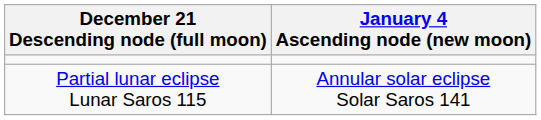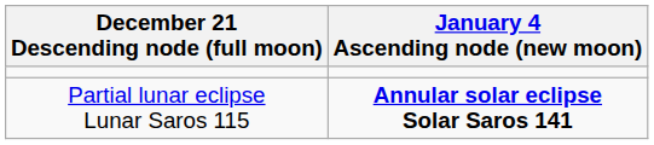 <table class="wikitable">
 <tr>
 <th>December 21<br>Descending node (full moon)<br></th>
 <th><a href='#'>January 4</a><br>Ascending node (new moon)<br></th>
 </tr>
 <tr>
 <td></td>
 <td></td>
 </tr>
 <tr align=center>
 <td><a href='#'>Partial lunar eclipse</a><br>Lunar Saros 115</td>
-<td><a href='#'>Annular solar eclipse</a><br>Solar Saros 141</td>
+<td><strong><a href='#'>Annular solar eclipse</a><br>Solar Saros 141</strong></td>
 </tr>
 </table>
